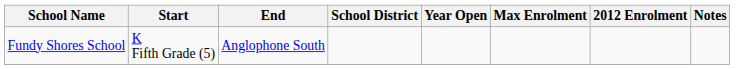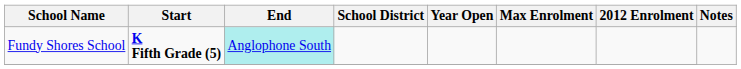 <table class="wikitable sortable" align="left">
 <tr>
 <th>School Name</th>
 <th>Start</th>
 <th>End</th>
 <th>School District</th>
 <th>Year Open</th>
 <th>Max Enrolment</th>
 <th>2012 Enrolment</th>
 <th>Notes</th>
 </tr>
 <tr>
 <td><a href='#'>Fundy Shores School</a></td>
-<td><a href='#'>K</a><br>Fifth Grade (5)</td>
-<td><a href='#'>Anglophone South</a></td>
+<td><strong><a href='#'>K</a><br>Fifth Grade (5)</strong></td>
+<td style="background: paleturquoise;"><a href='#'>Anglophone South</a></td>
 <td></td>
 <td></td>
 <td></td>
 <td></td>
 </tr>
 <tr>
 </tr>
 </table>
